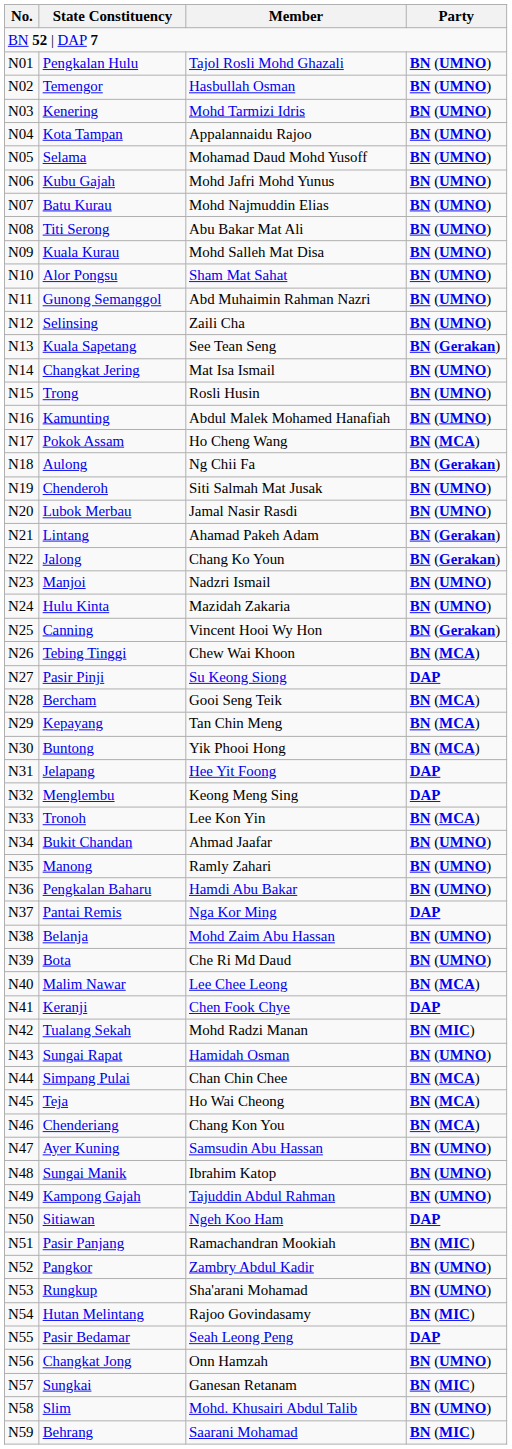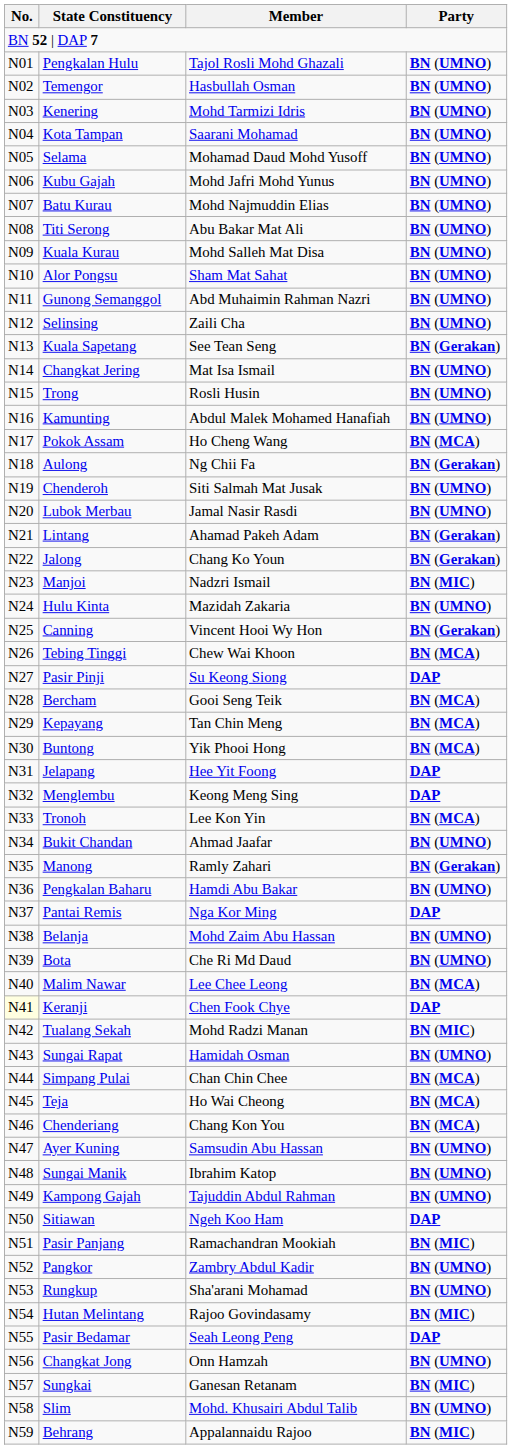 <table class="wikitable sortable">
 <tr>
 <th style="width:30px;">No.</th>
 <th style="width:150px;">State Constituency</th>
 <th style="width:230px;">Member</th>
 <th style="width:100px;">Party</th>
 </tr>
 <tr>
 <td colspan="4"><a href='#'>BN</a> <strong>52</strong> | <a href='#'>DAP</a> <strong>7</strong></td>
 </tr>
 <tr>
 <td>N01</td>
 <td><a href='#'>Pengkalan Hulu</a></td>
 <td><a href='#'>Tajol Rosli Mohd Ghazali</a></td>
 <td><strong><a href='#'>BN</a></strong> (<strong><a href='#'>UMNO</a></strong>)</td>
 </tr>
 <tr>
 <td>N02</td>
 <td><a href='#'>Temengor</a></td>
 <td><a href='#'>Hasbullah Osman</a></td>
 <td><strong><a href='#'>BN</a></strong> (<strong><a href='#'>UMNO</a></strong>)</td>
 </tr>
 <tr>
 <td>N03</td>
 <td><a href='#'>Kenering</a></td>
 <td><a href='#'>Mohd Tarmizi Idris</a></td>
 <td><strong><a href='#'>BN</a></strong> (<strong><a href='#'>UMNO</a></strong>)</td>
 </tr>
 <tr>
 <td>N04</td>
 <td><a href='#'>Kota Tampan</a></td>
-<td>Appalannaidu Rajoo</td>
+<td><a href='#'>Saarani Mohamad</a></td>
 <td><strong><a href='#'>BN</a></strong> (<strong><a href='#'>UMNO</a></strong>)</td>
 </tr>
 <tr>
 <td>N05</td>
 <td><a href='#'>Selama</a></td>
 <td>Mohamad Daud Mohd Yusoff</td>
 <td><strong><a href='#'>BN</a></strong> (<strong><a href='#'>UMNO</a></strong>)</td>
 </tr>
 <tr>
 <td>N06</td>
 <td><a href='#'>Kubu Gajah</a></td>
 <td>Mohd Jafri Mohd Yunus</td>
 <td><strong><a href='#'>BN</a></strong> (<strong><a href='#'>UMNO</a></strong>)</td>
 </tr>
 <tr>
 <td>N07</td>
 <td><a href='#'>Batu Kurau</a></td>
 <td>Mohd Najmuddin Elias</td>
 <td><strong><a href='#'>BN</a></strong> (<strong><a href='#'>UMNO</a></strong>)</td>
 </tr>
 <tr>
 <td>N08</td>
 <td><a href='#'>Titi Serong</a></td>
 <td>Abu Bakar Mat Ali</td>
 <td><strong><a href='#'>BN</a></strong> (<strong><a href='#'>UMNO</a></strong>)</td>
 </tr>
 <tr>
 <td>N09</td>
 <td><a href='#'>Kuala Kurau</a></td>
 <td>Mohd Salleh Mat Disa</td>
 <td><strong><a href='#'>BN</a></strong> (<strong><a href='#'>UMNO</a></strong>)</td>
 </tr>
 <tr>
 <td>N10</td>
 <td><a href='#'>Alor Pongsu</a></td>
 <td><a href='#'>Sham Mat Sahat</a></td>
 <td><strong><a href='#'>BN</a></strong> (<strong><a href='#'>UMNO</a></strong>)</td>
 </tr>
 <tr>
 <td>N11</td>
 <td><a href='#'>Gunong Semanggol</a></td>
 <td>Abd Muhaimin Rahman Nazri</td>
 <td><strong><a href='#'>BN</a></strong> (<strong><a href='#'>UMNO</a></strong>)</td>
 </tr>
 <tr>
 <td>N12</td>
 <td><a href='#'>Selinsing</a></td>
 <td>Zaili Cha</td>
 <td><strong><a href='#'>BN</a></strong> (<strong><a href='#'>UMNO</a></strong>)</td>
 </tr>
 <tr>
 <td>N13</td>
 <td><a href='#'>Kuala Sapetang</a></td>
 <td>See Tean Seng</td>
 <td><strong><a href='#'>BN</a></strong> (<strong><a href='#'>Gerakan</a></strong>)</td>
 </tr>
 <tr>
 <td>N14</td>
 <td><a href='#'>Changkat Jering</a></td>
 <td>Mat Isa Ismail</td>
 <td><strong><a href='#'>BN</a></strong> (<strong><a href='#'>UMNO</a></strong>)</td>
 </tr>
 <tr>
 <td>N15</td>
 <td><a href='#'>Trong</a></td>
 <td>Rosli Husin</td>
 <td><strong><a href='#'>BN</a></strong> (<strong><a href='#'>UMNO</a></strong>)</td>
 </tr>
 <tr>
 <td>N16</td>
 <td><a href='#'>Kamunting</a></td>
 <td>Abdul Malek Mohamed Hanafiah</td>
 <td><strong><a href='#'>BN</a></strong> (<strong><a href='#'>UMNO</a></strong>)</td>
 </tr>
 <tr>
 <td>N17</td>
 <td><a href='#'>Pokok Assam</a></td>
 <td>Ho Cheng Wang</td>
 <td><strong><a href='#'>BN</a></strong> (<strong><a href='#'>MCA</a></strong>)</td>
 </tr>
 <tr>
 <td>N18</td>
 <td><a href='#'>Aulong</a></td>
 <td>Ng Chii Fa</td>
 <td><strong><a href='#'>BN</a></strong> (<strong><a href='#'>Gerakan</a></strong>)</td>
 </tr>
 <tr>
 <td>N19</td>
 <td><a href='#'>Chenderoh</a></td>
 <td>Siti Salmah Mat Jusak</td>
 <td><strong><a href='#'>BN</a></strong> (<strong><a href='#'>UMNO</a></strong>)</td>
 </tr>
 <tr>
 <td>N20</td>
 <td><a href='#'>Lubok Merbau</a></td>
 <td>Jamal Nasir Rasdi</td>
 <td><strong><a href='#'>BN</a></strong> (<strong><a href='#'>UMNO</a></strong>)</td>
 </tr>
 <tr>
 <td>N21</td>
 <td><a href='#'>Lintang</a></td>
 <td>Ahamad Pakeh Adam</td>
 <td><strong><a href='#'>BN</a></strong> (<strong><a href='#'>Gerakan</a></strong>)</td>
 </tr>
 <tr>
 <td>N22</td>
 <td><a href='#'>Jalong</a></td>
 <td>Chang Ko Youn</td>
 <td><strong><a href='#'>BN</a></strong> (<strong><a href='#'>Gerakan</a></strong>)</td>
 </tr>
 <tr>
 <td>N23</td>
 <td><a href='#'>Manjoi</a></td>
 <td>Nadzri Ismail</td>
-<td><strong><a href='#'>BN</a></strong> (<strong><a href='#'>UMNO</a></strong>)</td>
+<td><strong><a href='#'>BN</a></strong> (<strong><a href='#'>MIC</a></strong>)</td>
 </tr>
 <tr>
 <td>N24</td>
 <td><a href='#'>Hulu Kinta</a></td>
 <td>Mazidah Zakaria</td>
 <td><strong><a href='#'>BN</a></strong> (<strong><a href='#'>UMNO</a></strong>)</td>
 </tr>
 <tr>
 <td>N25</td>
 <td><a href='#'>Canning</a></td>
 <td>Vincent Hooi Wy Hon</td>
 <td><strong><a href='#'>BN</a></strong> (<strong><a href='#'>Gerakan</a></strong>)</td>
 </tr>
 <tr>
 <td>N26</td>
 <td><a href='#'>Tebing Tinggi</a></td>
 <td>Chew Wai Khoon</td>
 <td><strong><a href='#'>BN</a></strong> (<strong><a href='#'>MCA</a></strong>)</td>
 </tr>
 <tr>
 <td>N27</td>
 <td><a href='#'>Pasir Pinji</a></td>
 <td><a href='#'>Su Keong Siong</a></td>
 <td><strong><a href='#'>DAP</a></strong></td>
 </tr>
 <tr>
 <td>N28</td>
 <td><a href='#'>Bercham</a></td>
 <td>Gooi Seng Teik</td>
 <td><strong><a href='#'>BN</a></strong> (<strong><a href='#'>MCA</a></strong>)</td>
 </tr>
 <tr>
 <td>N29</td>
 <td><a href='#'>Kepayang</a></td>
 <td>Tan Chin Meng</td>
 <td><strong><a href='#'>BN</a></strong> (<strong><a href='#'>MCA</a></strong>)</td>
 </tr>
 <tr>
 <td>N30</td>
 <td><a href='#'>Buntong</a></td>
 <td>Yik Phooi Hong</td>
 <td><strong><a href='#'>BN</a></strong> (<strong><a href='#'>MCA</a></strong>)</td>
 </tr>
 <tr>
 <td>N31</td>
 <td><a href='#'>Jelapang</a></td>
 <td><a href='#'>Hee Yit Foong</a></td>
 <td><strong><a href='#'>DAP</a></strong></td>
 </tr>
 <tr>
 <td>N32</td>
 <td><a href='#'>Menglembu</a></td>
 <td>Keong Meng Sing</td>
 <td><strong><a href='#'>DAP</a></strong></td>
 </tr>
 <tr>
 <td>N33</td>
 <td><a href='#'>Tronoh</a></td>
 <td>Lee Kon Yin</td>
 <td><strong><a href='#'>BN</a></strong> (<strong><a href='#'>MCA</a></strong>)</td>
 </tr>
 <tr>
 <td>N34</td>
 <td><a href='#'>Bukit Chandan</a></td>
 <td>Ahmad Jaafar</td>
 <td><strong><a href='#'>BN</a></strong> (<strong><a href='#'>UMNO</a></strong>)</td>
 </tr>
 <tr>
 <td>N35</td>
 <td><a href='#'>Manong</a></td>
 <td>Ramly Zahari</td>
-<td><strong><a href='#'>BN</a></strong> (<strong><a href='#'>UMNO</a></strong>)</td>
+<td><strong><a href='#'>BN</a></strong> (<strong><a href='#'>Gerakan</a></strong>)</td>
 </tr>
 <tr>
 <td>N36</td>
 <td><a href='#'>Pengkalan Baharu</a></td>
 <td><a href='#'>Hamdi Abu Bakar</a></td>
 <td><strong><a href='#'>BN</a></strong> (<strong><a href='#'>UMNO</a></strong>)</td>
 </tr>
 <tr>
 <td>N37</td>
 <td><a href='#'>Pantai Remis</a></td>
 <td><a href='#'>Nga Kor Ming</a></td>
 <td><strong><a href='#'>DAP</a></strong></td>
 </tr>
 <tr>
 <td>N38</td>
 <td><a href='#'>Belanja</a></td>
 <td><a href='#'>Mohd Zaim Abu Hassan</a></td>
 <td><strong><a href='#'>BN</a></strong> (<strong><a href='#'>UMNO</a></strong>)</td>
 </tr>
 <tr>
 <td>N39</td>
 <td><a href='#'>Bota</a></td>
 <td>Che Ri Md Daud</td>
 <td><strong><a href='#'>BN</a></strong> (<strong><a href='#'>UMNO</a></strong>)</td>
 </tr>
 <tr>
 <td>N40</td>
 <td><a href='#'>Malim Nawar</a></td>
 <td><a href='#'>Lee Chee Leong</a></td>
 <td><strong><a href='#'>BN</a></strong> (<strong><a href='#'>MCA</a></strong>)</td>
 </tr>
 <tr>
-<td>N41</td>
+<td style="background: lightyellow;">N41</td>
 <td><a href='#'>Keranji</a></td>
 <td><a href='#'>Chen Fook Chye</a></td>
 <td><strong><a href='#'>DAP</a></strong></td>
 </tr>
 <tr>
 <td>N42</td>
 <td><a href='#'>Tualang Sekah</a></td>
 <td>Mohd Radzi Manan</td>
 <td><strong><a href='#'>BN</a></strong> (<strong><a href='#'>MIC</a></strong>)</td>
 </tr>
 <tr>
 <td>N43</td>
 <td><a href='#'>Sungai Rapat</a></td>
 <td><a href='#'>Hamidah Osman</a></td>
 <td><strong><a href='#'>BN</a></strong> (<strong><a href='#'>UMNO</a></strong>)</td>
 </tr>
 <tr>
 <td>N44</td>
 <td><a href='#'>Simpang Pulai</a></td>
 <td>Chan Chin Chee</td>
 <td><strong><a href='#'>BN</a></strong> (<strong><a href='#'>MCA</a></strong>)</td>
 </tr>
 <tr>
 <td>N45</td>
 <td><a href='#'>Teja</a></td>
 <td>Ho Wai Cheong</td>
 <td><strong><a href='#'>BN</a></strong> (<strong><a href='#'>MCA</a></strong>)</td>
 </tr>
 <tr>
 <td>N46</td>
 <td><a href='#'>Chenderiang</a></td>
 <td>Chang Kon You</td>
 <td><strong><a href='#'>BN</a></strong> (<strong><a href='#'>MCA</a></strong>)</td>
 </tr>
 <tr>
 <td>N47</td>
 <td><a href='#'>Ayer Kuning</a></td>
 <td><a href='#'>Samsudin Abu Hassan</a></td>
 <td><strong><a href='#'>BN</a></strong> (<strong><a href='#'>UMNO</a></strong>)</td>
 </tr>
 <tr>
 <td>N48</td>
 <td><a href='#'>Sungai Manik</a></td>
 <td>Ibrahim Katop</td>
 <td><strong><a href='#'>BN</a></strong> (<strong><a href='#'>UMNO</a></strong>)</td>
 </tr>
 <tr>
 <td>N49</td>
 <td><a href='#'>Kampong Gajah</a></td>
 <td><a href='#'>Tajuddin Abdul Rahman</a></td>
 <td><strong><a href='#'>BN</a></strong> (<strong><a href='#'>UMNO</a></strong>)</td>
 </tr>
 <tr>
 <td>N50</td>
 <td><a href='#'>Sitiawan</a></td>
 <td><a href='#'>Ngeh Koo Ham</a></td>
 <td><strong><a href='#'>DAP</a></strong></td>
 </tr>
 <tr>
 <td>N51</td>
 <td><a href='#'>Pasir Panjang</a></td>
 <td>Ramachandran Mookiah</td>
 <td><strong><a href='#'>BN</a></strong> (<strong><a href='#'>MIC</a></strong>)</td>
 </tr>
 <tr>
 <td>N52</td>
 <td><a href='#'>Pangkor</a></td>
 <td><a href='#'>Zambry Abdul Kadir</a></td>
 <td><strong><a href='#'>BN</a></strong> (<strong><a href='#'>UMNO</a></strong>)</td>
 </tr>
 <tr>
 <td>N53</td>
 <td><a href='#'>Rungkup</a></td>
 <td>Sha'arani Mohamad</td>
 <td><strong><a href='#'>BN</a></strong> (<strong><a href='#'>UMNO</a></strong>)</td>
 </tr>
 <tr>
 <td>N54</td>
 <td><a href='#'>Hutan Melintang</a></td>
 <td>Rajoo Govindasamy</td>
 <td><strong><a href='#'>BN</a></strong> (<strong><a href='#'>MIC</a></strong>)</td>
 </tr>
 <tr>
 <td>N55</td>
 <td><a href='#'>Pasir Bedamar</a></td>
 <td><a href='#'>Seah Leong Peng</a></td>
 <td><strong><a href='#'>DAP</a></strong></td>
 </tr>
 <tr>
 <td>N56</td>
 <td><a href='#'>Changkat Jong</a></td>
 <td>Onn Hamzah</td>
 <td><strong><a href='#'>BN</a></strong> (<strong><a href='#'>UMNO</a></strong>)</td>
 </tr>
 <tr>
 <td>N57</td>
 <td><a href='#'>Sungkai</a></td>
 <td>Ganesan Retanam</td>
 <td><strong><a href='#'>BN</a></strong> (<strong><a href='#'>MIC</a></strong>)</td>
 </tr>
 <tr>
 <td>N58</td>
 <td><a href='#'>Slim</a></td>
 <td><a href='#'>Mohd. Khusairi Abdul Talib</a></td>
 <td><strong><a href='#'>BN</a></strong> (<strong><a href='#'>UMNO</a></strong>)</td>
 </tr>
 <tr>
 <td>N59</td>
 <td><a href='#'>Behrang</a></td>
-<td><a href='#'>Saarani Mohamad</a></td>
+<td>Appalannaidu Rajoo</td>
 <td><strong><a href='#'>BN</a></strong> (<strong><a href='#'>MIC</a></strong>)</td>
 </tr>
 </table>
